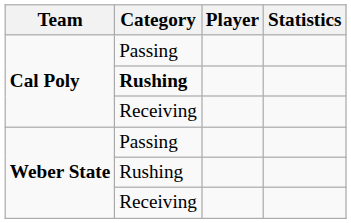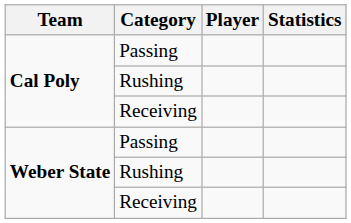 <table class="wikitable" style="float: right;">
 <tr>
 <th>Team</th>
 <th>Category</th>
 <th>Player</th>
 <th>Statistics</th>
 </tr>
 <tr>
 <td rowspan=3><strong>Cal Poly</strong></td>
 <td>Passing</td>
 <td></td>
 <td></td>
 </tr>
 <tr>
-<td><strong>Rushing</strong></td>
+<td>Rushing</td>
 <td></td>
 <td></td>
 </tr>
 <tr>
 <td>Receiving</td>
 <td></td>
 <td></td>
 </tr>
 <tr>
 <td rowspan=3><strong>Weber State</strong></td>
 <td>Passing</td>
 <td></td>
 <td></td>
 </tr>
 <tr>
 <td>Rushing</td>
 <td></td>
 <td></td>
 </tr>
 <tr>
 <td>Receiving</td>
 <td></td>
 <td></td>
 </tr>
 </table>
